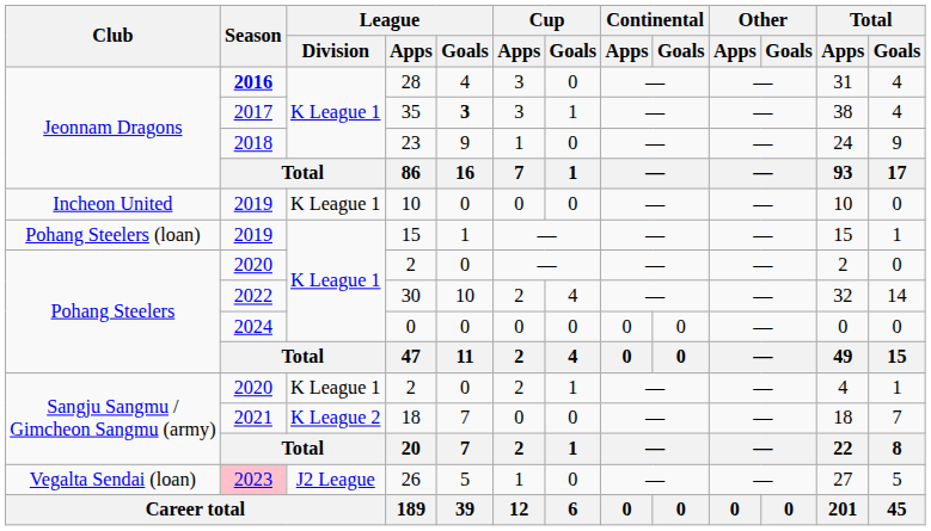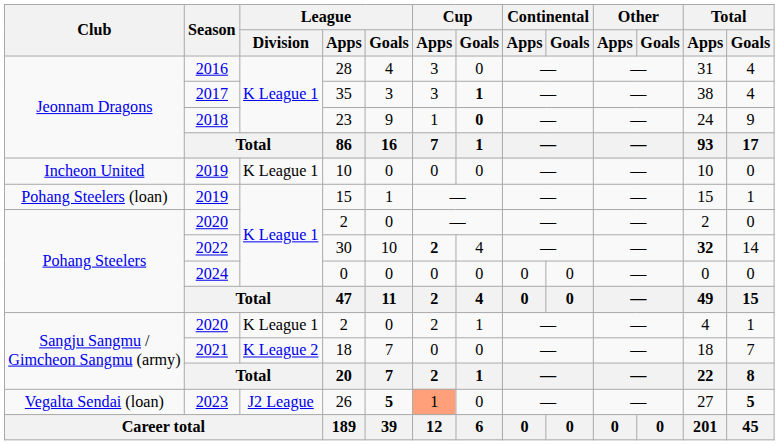 <table class="wikitable" style="text-align:center">
 <tr>
 <th rowspan=2>Club</th>
 <th rowspan=2>Season</th>
 <th colspan=3>League</th>
 <th colspan=2>Cup</th>
 <th colspan=2>Continental</th>
 <th colspan=2>Other</th>
 <th colspan=2>Total</th>
 </tr>
 <tr>
 <th>Division</th>
 <th>Apps</th>
 <th>Goals</th>
 <th>Apps</th>
 <th>Goals</th>
 <th>Apps</th>
 <th>Goals</th>
 <th>Apps</th>
 <th>Goals</th>
 <th>Apps</th>
 <th>Goals</th>
 </tr>
 <tr>
 <td rowspan="4"><a href='#'>Jeonnam Dragons</a></td>
-<td><strong><a href='#'>2016</a></strong></td>
+<td><a href='#'>2016</a></td>
 <td rowspan="3"><a href='#'>K League 1</a></td>
 <td>28</td>
 <td>4</td>
 <td>3</td>
 <td>0</td>
 <td colspan="2">—</td>
 <td colspan="2">—</td>
 <td>31</td>
 <td>4</td>
 </tr>
 <tr>
 <td><a href='#'>2017</a></td>
 <td>35</td>
-<td><strong>3</strong></td>
 <td>3</td>
-<td>1</td>
+<td>3</td>
+<td><strong>1</strong></td>
 <td colspan="2">—</td>
 <td colspan="2">—</td>
 <td>38</td>
 <td>4</td>
 </tr>
 <tr>
 <td><a href='#'>2018</a></td>
 <td>23</td>
 <td>9</td>
 <td>1</td>
-<td>0</td>
+<td><strong>0</strong></td>
 <td colspan="2">—</td>
 <td colspan="2">—</td>
 <td>24</td>
 <td>9</td>
 </tr>
 <tr>
 <th colspan=2>Total</th>
 <th>86</th>
 <th>16</th>
 <th>7</th>
 <th>1</th>
 <th colspan="2">—</th>
 <th colspan="2">—</th>
 <th>93</th>
 <th>17</th>
 </tr>
 <tr>
 <td><a href='#'>Incheon United</a></td>
 <td><a href='#'>2019</a></td>
 <td>K League 1</td>
 <td>10</td>
 <td>0</td>
 <td>0</td>
 <td>0</td>
 <td colspan="2">—</td>
 <td colspan="2">—</td>
 <td>10</td>
 <td>0</td>
 </tr>
 <tr>
 <td><a href='#'>Pohang Steelers</a> (loan)</td>
 <td><a href='#'>2019</a></td>
 <td rowspan="4"><a href='#'>K League 1</a></td>
 <td>15</td>
 <td>1</td>
 <td colspan="2">—</td>
 <td colspan="2">—</td>
 <td colspan="2">—</td>
 <td>15</td>
 <td>1</td>
 </tr>
 <tr>
 <td rowspan="4"><a href='#'>Pohang Steelers</a></td>
 <td><a href='#'>2020</a></td>
 <td>2</td>
 <td>0</td>
 <td colspan="2">—</td>
 <td colspan="2">—</td>
 <td colspan="2">—</td>
 <td>2</td>
 <td>0</td>
 </tr>
 <tr>
 <td><a href='#'>2022</a></td>
 <td>30</td>
 <td>10</td>
-<td>2</td>
+<td><strong>2</strong></td>
 <td>4</td>
 <td colspan="2">—</td>
 <td colspan="2">—</td>
-<td>32</td>
+<td><strong>32</strong></td>
 <td>14</td>
 </tr>
 <tr>
 <td><a href='#'>2024</a></td>
 <td>0</td>
 <td>0</td>
 <td>0</td>
 <td>0</td>
 <td>0</td>
 <td>0</td>
 <td colspan="2">—</td>
 <td>0</td>
 <td>0</td>
 </tr>
 <tr>
 <th colspan=2>Total</th>
 <th>47</th>
 <th>11</th>
 <th>2</th>
 <th>4</th>
 <th>0</th>
 <th>0</th>
 <th colspan="2">—</th>
 <th>49</th>
 <th>15</th>
 </tr>
 <tr>
 <td rowspan="3"><a href='#'>Sangju Sangmu</a> /<br> <a href='#'>Gimcheon Sangmu</a> (army)</td>
 <td><a href='#'>2020</a></td>
 <td>K League 1</td>
 <td>2</td>
 <td>0</td>
 <td>2</td>
 <td>1</td>
 <td colspan="2">—</td>
 <td colspan="2">—</td>
 <td>4</td>
 <td>1</td>
 </tr>
 <tr>
 <td><a href='#'>2021</a></td>
 <td><a href='#'>K League 2</a></td>
 <td>18</td>
 <td>7</td>
 <td>0</td>
 <td>0</td>
 <td colspan="2">—</td>
 <td colspan="2">—</td>
 <td>18</td>
 <td>7</td>
 </tr>
 <tr>
 <th colspan=2>Total</th>
 <th>20</th>
 <th>7</th>
 <th>2</th>
 <th>1</th>
 <th colspan="2">—</th>
 <th colspan="2">—</th>
 <th>22</th>
 <th>8</th>
 </tr>
 <tr>
 <td><a href='#'>Vegalta Sendai</a> (loan)</td>
-<td style="background: pink;"><a href='#'>2023</a></td>
+<td><a href='#'>2023</a></td>
 <td><a href='#'>J2 League</a></td>
 <td>26</td>
-<td>5</td>
-<td>1</td>
+<td><strong>5</strong></td>
+<td style="background: lightsalmon;">1</td>
 <td>0</td>
 <td colspan="2">—</td>
 <td colspan="2">—</td>
 <td>27</td>
-<td>5</td>
+<td><strong>5</strong></td>
 </tr>
 <tr>
 <th colspan=3>Career total</th>
 <th>189</th>
 <th>39</th>
 <th>12</th>
 <th>6</th>
 <th>0</th>
 <th>0</th>
 <th>0</th>
 <th>0</th>
 <th>201</th>
 <th>45</th>
 </tr>
 </table>
